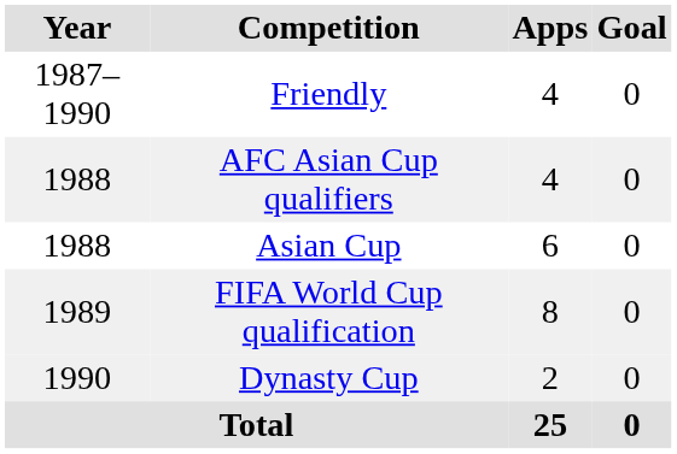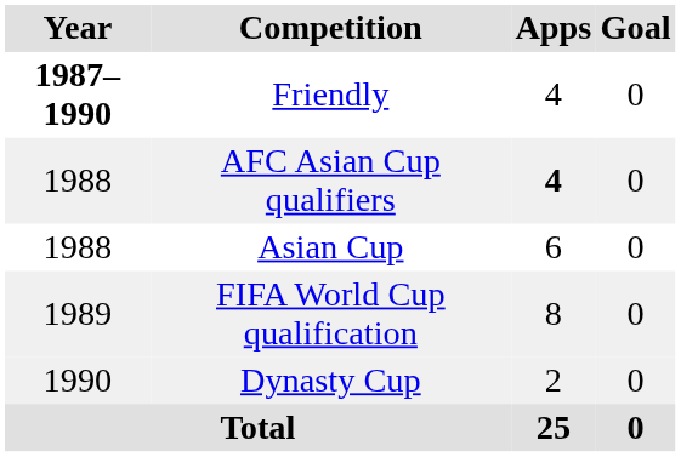 <table border="0" cellpadding="2" cellspacing="0" style="width:50%;">
 <tr style="text-align:center; background:#e0e0e0;">
 <th>Year</th>
 <th>Competition</th>
 <th>Apps</th>
 <th>Goal</th>
 </tr>
 <tr style="text-align:center;">
-<td>1987–1990</td>
+<td><strong>1987–1990</strong></td>
 <td><a href='#'>Friendly</a></td>
 <td>4</td>
 <td>0</td>
 </tr>
 <tr style="text-align:center; background:#f0f0f0;">
 <td>1988</td>
 <td><a href='#'>AFC Asian Cup qualifiers</a></td>
-<td>4</td>
+<td><strong>4</strong></td>
 <td>0</td>
 </tr>
 <tr style="text-align:center;">
 <td>1988</td>
 <td><a href='#'>Asian Cup</a></td>
 <td>6</td>
 <td>0</td>
 </tr>
 <tr style="text-align:center; background:#f0f0f0;">
 <td>1989</td>
 <td><a href='#'>FIFA World Cup qualification</a></td>
 <td>8</td>
 <td>0</td>
 </tr>
 <tr style="text-align:center; background:#f0f0f0;">
 <td>1990</td>
 <td><a href='#'>Dynasty Cup</a></td>
 <td>2</td>
 <td>0</td>
 </tr>
 <tr style="text-align:center; background:#e0e0e0;">
 <th colspan="2">Total</th>
 <th style="text-align:center;">25</th>
 <th style="text-align:center;">0</th>
 </tr>
 </table>
